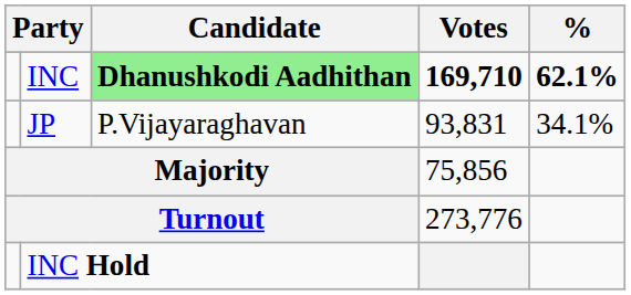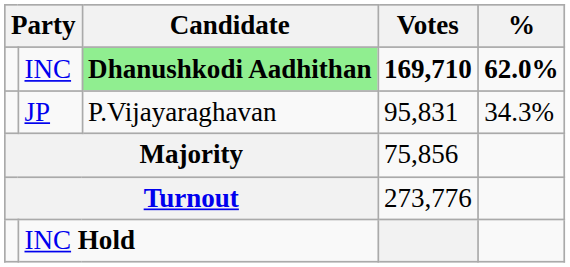 <table class="wikitable">
 <tr>
 <th colspan="2">Party</th>
 <th>Candidate</th>
 <th>Votes</th>
 <th>%</th>
 </tr>
 <tr>
 <td></td>
 <td><a href='#'>INC</a></td>
 <td style="background: lightgreen;"><strong>Dhanushkodi Aadhithan</strong></td>
 <td><strong>169,710</strong></td>
-<td><strong>62.1%</strong></td>
+<td><strong>62.0%</strong></td>
 </tr>
 <tr>
 <td></td>
 <td><a href='#'>JP</a></td>
 <td>P.Vijayaraghavan</td>
-<td>93,831</td>
-<td>34.1%</td>
+<td>95,831</td>
+<td>34.3%</td>
 </tr>
 <tr>
 <th colspan="3">Majority</th>
 <td>75,856</td>
 <td></td>
 </tr>
 <tr>
 <th colspan="3"><a href='#'>Turnout</a></th>
 <td>273,776</td>
 <td></td>
 </tr>
 <tr>
 <td></td>
 <td colspan="2"><a href='#'>INC</a> <strong>Hold</strong></td>
 <th></th>
 <td></td>
 </tr>
 </table>
